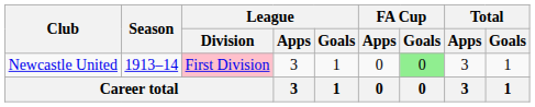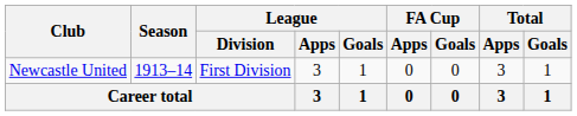 <table class="wikitable" style="text-align: center;">
 <tr>
 <th rowspan="2">Club</th>
 <th rowspan="2">Season</th>
 <th colspan="3">League</th>
 <th colspan="2">FA Cup</th>
 <th colspan="2">Total</th>
 </tr>
 <tr>
 <th>Division</th>
 <th>Apps</th>
 <th>Goals</th>
 <th>Apps</th>
 <th>Goals</th>
 <th>Apps</th>
 <th>Goals</th>
 </tr>
 <tr>
 <td><a href='#'>Newcastle United</a></td>
 <td><a href='#'>1913–14</a></td>
-<td style="background: pink;"><a href='#'>First Division</a></td>
+<td><a href='#'>First Division</a></td>
 <td>3</td>
 <td>1</td>
 <td>0</td>
-<td style="background: lightgreen;">0</td>
+<td>0</td>
 <td>3</td>
 <td>1</td>
 </tr>
 <tr>
 <th colspan="3">Career total</th>
 <th>3</th>
 <th>1</th>
 <th>0</th>
 <th>0</th>
 <th>3</th>
 <th>1</th>
 </tr>
 </table>
